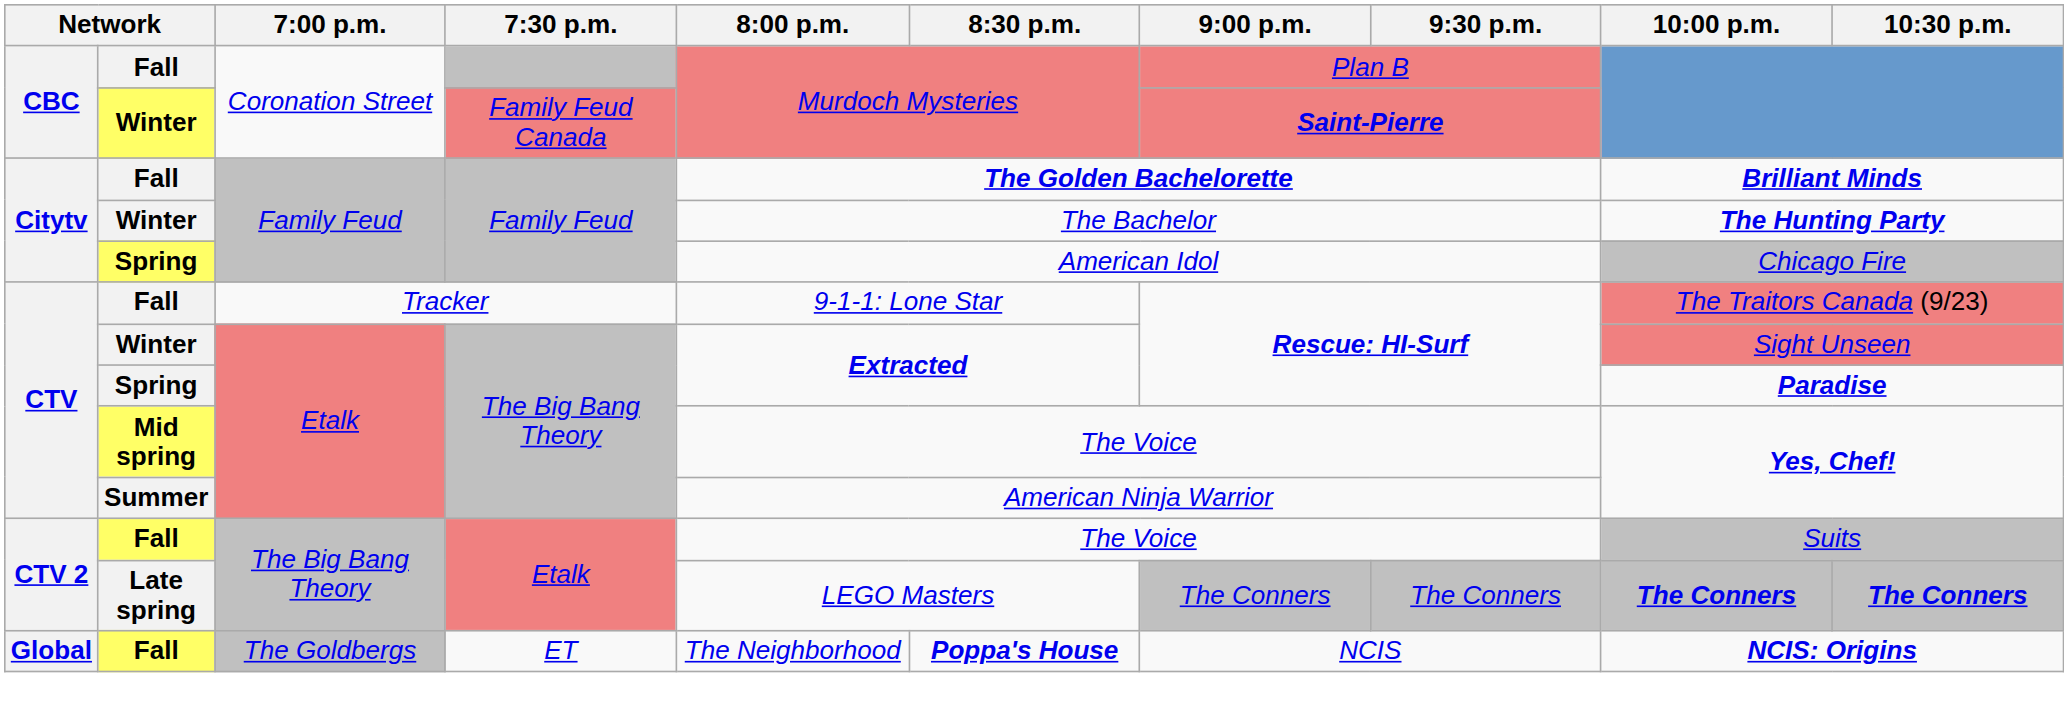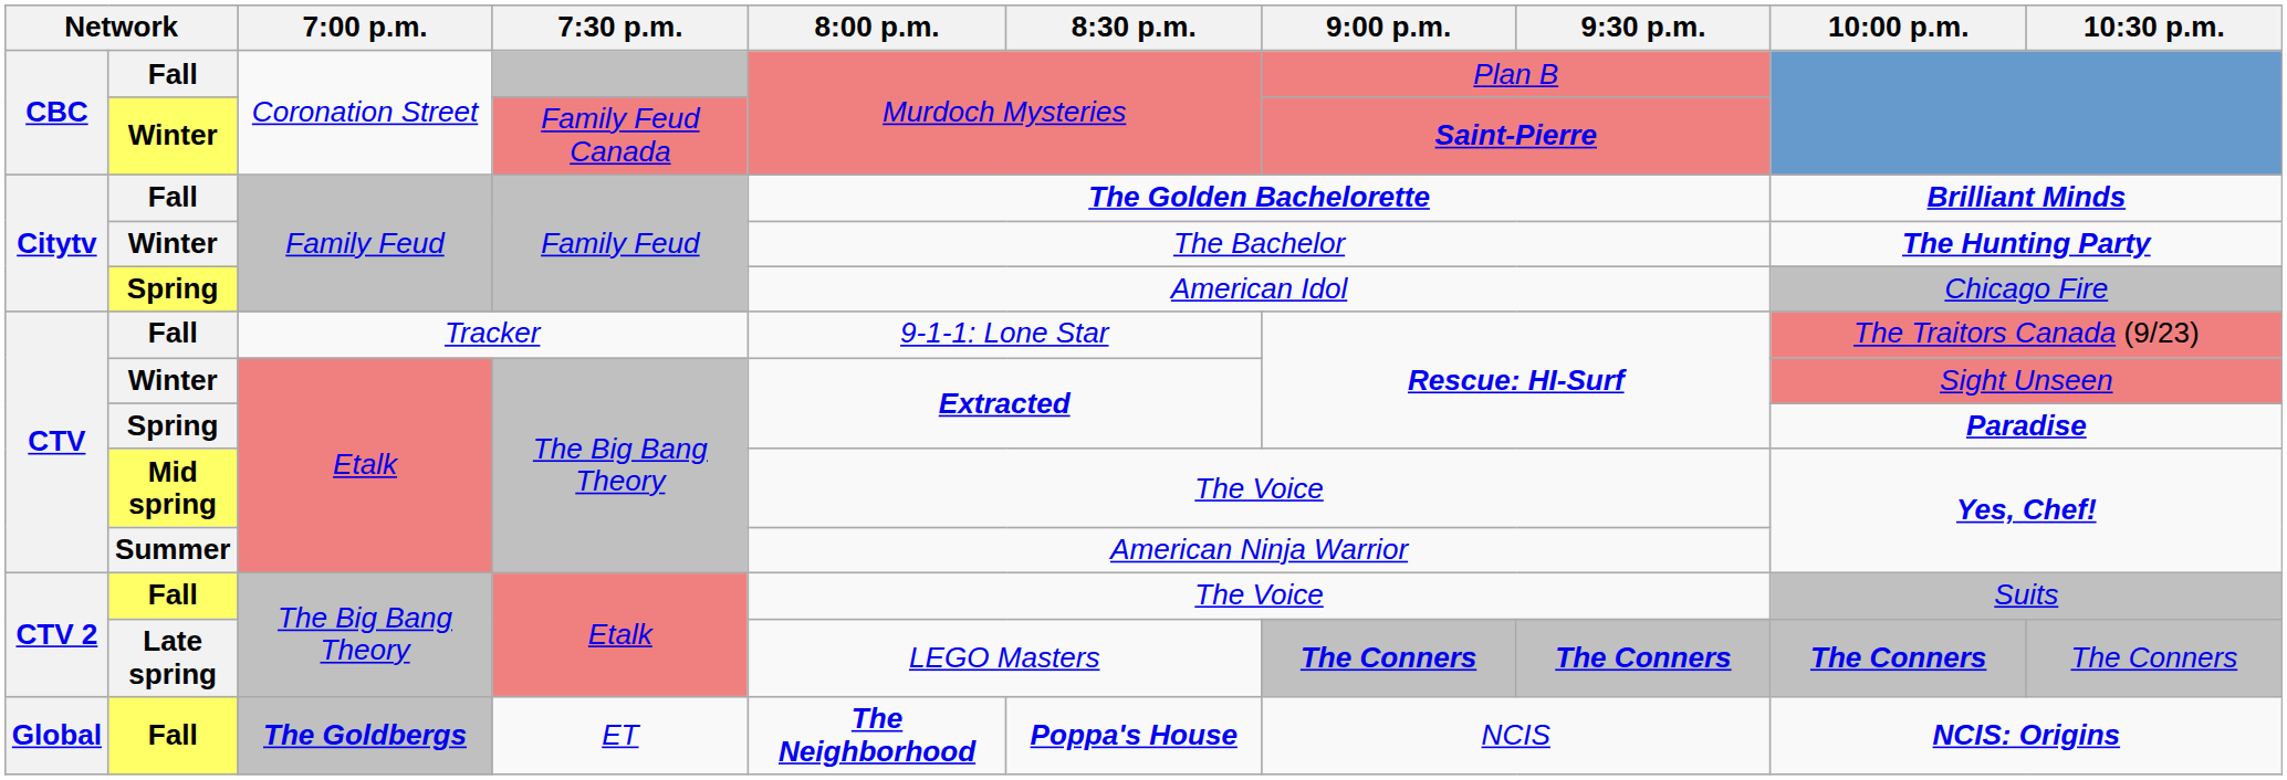 <table class=wikitable style=width:100%;margin-right:0;text-align:center>
 <tr>
 <th style=width:8% colspan=2>Network</th>
 <th style=width:11.5%>7:00 p.m.</th>
 <th style=width:11.5%>7:30 p.m.</th>
 <th style=width:11.5%>8:00 p.m.</th>
 <th style=width:11.5%>8:30 p.m.</th>
 <th style=width:11.5%>9:00 p.m.</th>
 <th style=width:11.5%>9:30 p.m.</th>
 <th style=width:11.5%>10:00 p.m.</th>
 <th style=width:11.5%>10:30 p.m.</th>
 </tr>
 <tr>
 <th rowspan=2><a href='#'>CBC</a></th>
 <th>Fall</th>
 <td rowspan=2><em><a href='#'>Coronation Street</a></em></td>
 <td style=background:#C0C0C0> </td>
 <td rowspan=2 colspan=2 style=background:#F08080><em><a href='#'>Murdoch Mysteries</a></em> </td>
 <td colspan=2 style=background:#F08080><em><a href='#'>Plan B</a></em> </td>
 <td rowspan=2 colspan=2 style=background:#6699CC></td>
 </tr>
 <tr>
 <th style="background:#FFFF66;">Winter</th>
 <td style=background:#F08080><em><a href='#'>Family Feud Canada</a></em> </td>
 <td colspan=2 style=background:#F08080><strong><em><a href='#'>Saint-Pierre</a></em></strong> </td>
 </tr>
 <tr>
 <th rowspan=3><a href='#'>Citytv</a></th>
 <th>Fall</th>
 <td style=background:#C0C0C0 rowspan=3><em><a href='#'>Family Feud</a></em> </td>
 <td style=background:#C0C0C0 rowspan=3><em><a href='#'>Family Feud</a></em> </td>
 <td colspan=4><strong><em><a href='#'>The Golden Bachelorette</a></em></strong> </td>
 <td colspan=2><strong><em><a href='#'>Brilliant Minds</a></em></strong> </td>
 </tr>
 <tr>
 <th>Winter</th>
 <td colspan=4><em><a href='#'>The Bachelor</a></em></td>
 <td colspan=2><strong><em><a href='#'>The Hunting Party</a></em></strong> </td>
 </tr>
 <tr>
 <th style=background:#FFFF66>Spring</th>
 <td colspan=4><em><a href='#'>American Idol</a></em></td>
 <td style=background:#C0C0C0 colspan=2><em><a href='#'>Chicago Fire</a></em> </td>
 </tr>
 <tr>
 <th rowspan=5><a href='#'>CTV</a></th>
 <th>Fall</th>
 <td colspan=2><em><a href='#'>Tracker</a></em> </td>
 <td colspan=2><em><a href='#'>9-1-1: Lone Star</a></em> </td>
 <td colspan=2 rowspan=3><strong><em><a href='#'>Rescue: HI-Surf</a></em></strong> </td>
 <td colspan=2 style=background:#F08080><em><a href='#'>The Traitors Canada</a></em> (9/23)</td>
 </tr>
 <tr>
 <th>Winter</th>
 <td style=background:#F08080 rowspan=4><em><a href='#'>Etalk</a></em></td>
 <td style=background:#C0C0C0 rowspan=4><em><a href='#'>The Big Bang Theory</a></em> </td>
 <td colspan=2 rowspan=2><strong><em><a href='#'>Extracted</a></em></strong> </td>
 <td colspan=2 style=background:#F08080><em><a href='#'>Sight Unseen</a></em> </td>
 </tr>
 <tr>
 <th>Spring</th>
 <td colspan=2><strong><em><a href='#'>Paradise</a></em></strong> </td>
 </tr>
 <tr>
 <th style=background:#FFFF66>Mid spring</th>
 <td colspan=4><em><a href='#'>The Voice</a></em></td>
 <td colspan=2 rowspan=2><strong><em><a href='#'>Yes, Chef!</a></em></strong></td>
 </tr>
 <tr>
 <th>Summer</th>
 <td colspan=4><em><a href='#'>American Ninja Warrior</a></em> </td>
 </tr>
 <tr>
 <th rowspan=2><a href='#'>CTV 2</a></th>
 <th style=background:#FFFF66>Fall</th>
 <td style=background:#C0C0C0 rowspan=2><em><a href='#'>The Big Bang Theory</a></em> </td>
 <td style=background:#F08080 rowspan=2><em><a href='#'>Etalk</a></em></td>
 <td colspan=4><em><a href='#'>The Voice</a></em> </td>
 <td style=background:#C0C0C0 colspan=2><em><a href='#'>Suits</a></em> </td>
 </tr>
 <tr>
 <th>Late spring</th>
 <td colspan=2><em><a href='#'>LEGO Masters</a></em></td>
-<td style=background:#C0C0C0><em><a href='#'>The Conners</a></em> </td>
-<td style=background:#C0C0C0><em><a href='#'>The Conners</a></em> </td>
 <td style=background:#C0C0C0><strong><em><a href='#'>The Conners</a></em> </strong></td>
 <td style=background:#C0C0C0><strong><em><a href='#'>The Conners</a></em> </strong></td>
+<td style=background:#C0C0C0><strong><em><a href='#'>The Conners</a></em> </strong></td>
+<td style=background:#C0C0C0><em><a href='#'>The Conners</a></em> </td>
 </tr>
 <tr>
 <th><a href='#'>Global</a></th>
 <th style="background:#FFFF66;">Fall</th>
-<td style=background:#C0C0C0><em><a href='#'>The Goldbergs</a></em> </td>
+<td style=background:#C0C0C0><strong><em><a href='#'>The Goldbergs</a></em> </strong></td>
 <td><em><a href='#'>ET</a></em></td>
-<td><a href='#'><em>The Neighborhood</em></a> </td>
+<td><strong><a href='#'><em>The Neighborhood</em></a> </strong></td>
 <td><strong><em><a href='#'>Poppa's House</a></em></strong> </td>
 <td colspan=2><a href='#'><em>NCIS</em></a> </td>
 <td colspan=2><strong><em><a href='#'>NCIS: Origins</a></em></strong> </td>
 </tr>
 </table>
